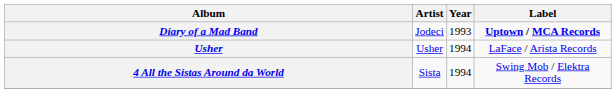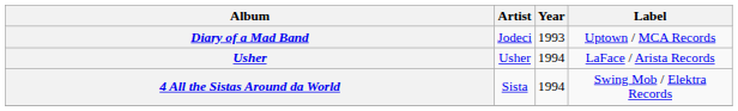 <table class="wikitable plainrowheaders" style="text-align:center;">
 <tr>
 <th scope="col" style="width:36em;">Album</th>
 <th scope="col">Artist</th>
 <th scope="col">Year</th>
 <th scope="col">Label</th>
 </tr>
 <tr>
 <th scope="row"><em><a href='#'>Diary of a Mad Band</a></em></th>
 <td><a href='#'>Jodeci</a></td>
 <td>1993</td>
-<td><strong><a href='#'>Uptown</a> / <a href='#'>MCA Records</a></strong></td>
+<td><a href='#'>Uptown</a> / <a href='#'>MCA Records</a></td>
 </tr>
 <tr>
 <th scope="row"><em><a href='#'>Usher</a></em></th>
 <td><a href='#'>Usher</a></td>
 <td>1994</td>
 <td><a href='#'>LaFace</a> / <a href='#'>Arista Records</a></td>
 </tr>
 <tr>
 <th scope="row"><em><a href='#'>4 All the Sistas Around da World</a></em></th>
 <td><a href='#'>Sista</a></td>
 <td>1994</td>
 <td><a href='#'>Swing Mob</a> / <a href='#'>Elektra Records</a></td>
 </tr>
 <tr>
 </tr>
 </table>
